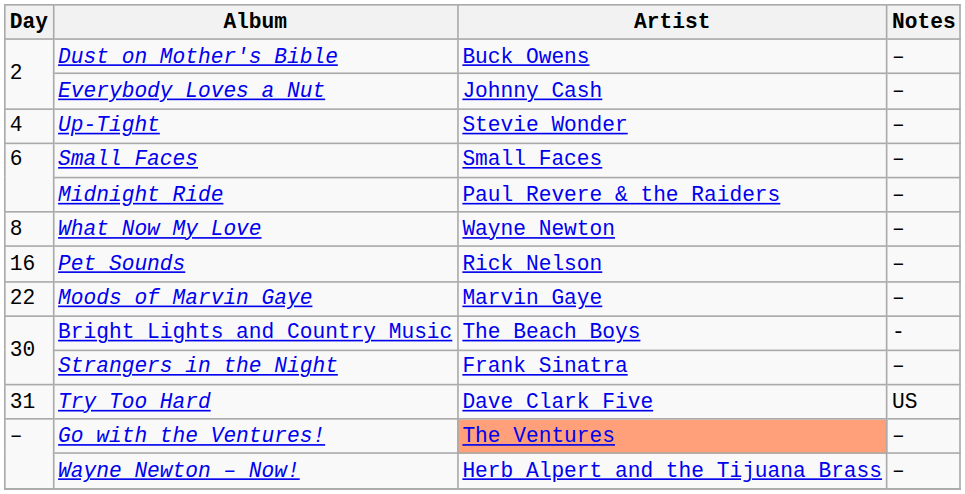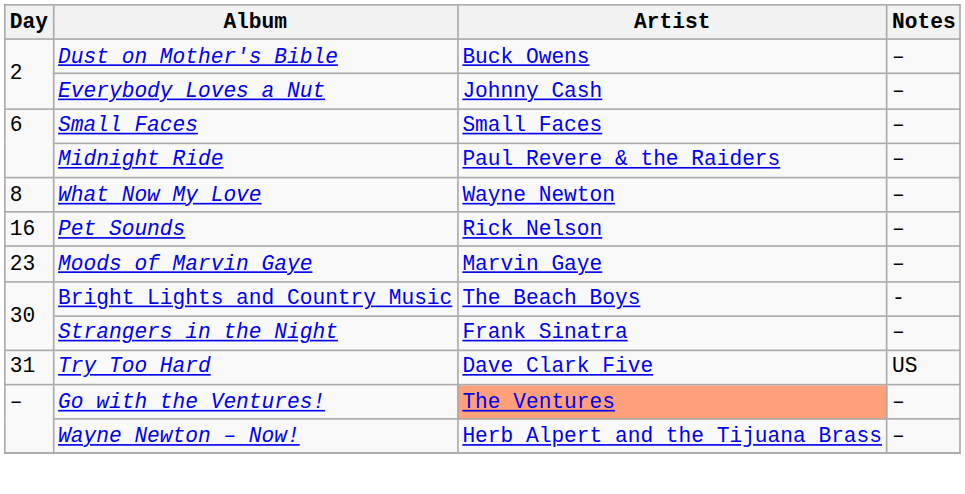 <table class="wikitable">
 <tr>
 <th>Day</th>
 <th>Album</th>
 <th>Artist</th>
 <th>Notes</th>
 </tr>
 <tr>
 <td rowspan="2" valign="top'">2</td>
 <td><em><a href='#'>Dust on Mother's Bible</a></em></td>
 <td><a href='#'>Buck Owens</a></td>
 <td>–</td>
 </tr>
 <tr>
 <td><em><a href='#'>Everybody Loves a Nut</a></em></td>
 <td><a href='#'>Johnny Cash</a></td>
-<td>–</td>
-</tr>
-<tr>
-<td valign="top">4</td>
-<td><em><a href='#'>Up-Tight</a></em></td>
-<td><a href='#'>Stevie Wonder</a></td>
 <td>–</td>
 </tr>
 <tr>
 <td rowspan="2" valign="top">6</td>
 <td><em><a href='#'>Small Faces</a></em></td>
 <td><a href='#'>Small Faces</a></td>
 <td>–</td>
 </tr>
 <tr>
 <td><em><a href='#'>Midnight Ride</a></em></td>
 <td><a href='#'>Paul Revere & the Raiders</a></td>
 <td>–</td>
 </tr>
 <tr>
 <td valign="top">8</td>
 <td><em><a href='#'>What Now My Love</a></em></td>
 <td><a href='#'>Wayne Newton</a></td>
 <td>–</td>
 </tr>
 <tr>
 <td valign="top">16</td>
 <td><em><a href='#'>Pet Sounds</a></em></td>
 <td><a href='#'>Rick Nelson</a></td>
 <td>–</td>
 </tr>
 <tr>
-<td valign="top">22</td>
+<td valign="top">23</td>
 <td><em><a href='#'>Moods of Marvin Gaye</a></em></td>
 <td><a href='#'>Marvin Gaye</a></td>
 <td>–</td>
 </tr>
 <tr>
 <td rowspan="2">30</td>
 <td><a href='#'>Bright Lights and Country Music</a></td>
 <td><a href='#'>The Beach Boys</a></td>
 <td>-</td>
 </tr>
 <tr>
 <td><em><a href='#'>Strangers in the Night</a></em></td>
 <td><a href='#'>Frank Sinatra</a></td>
 <td>–</td>
 </tr>
 <tr>
 <td valign="top">31</td>
 <td><em><a href='#'>Try Too Hard</a></em></td>
 <td><a href='#'>Dave Clark Five</a></td>
 <td>US</td>
 </tr>
 <tr>
 <td rowspan="2" valign="top">–</td>
 <td><em><a href='#'>Go with the Ventures!</a></em></td>
 <td style="background: lightsalmon;"><a href='#'>The Ventures</a></td>
 <td>–</td>
 </tr>
 <tr>
 <td><em><a href='#'>Wayne Newton – Now!</a></em></td>
 <td><a href='#'>Herb Alpert and the Tijuana Brass</a></td>
 <td>–</td>
 </tr>
 <tr>
 </tr>
 </table>
